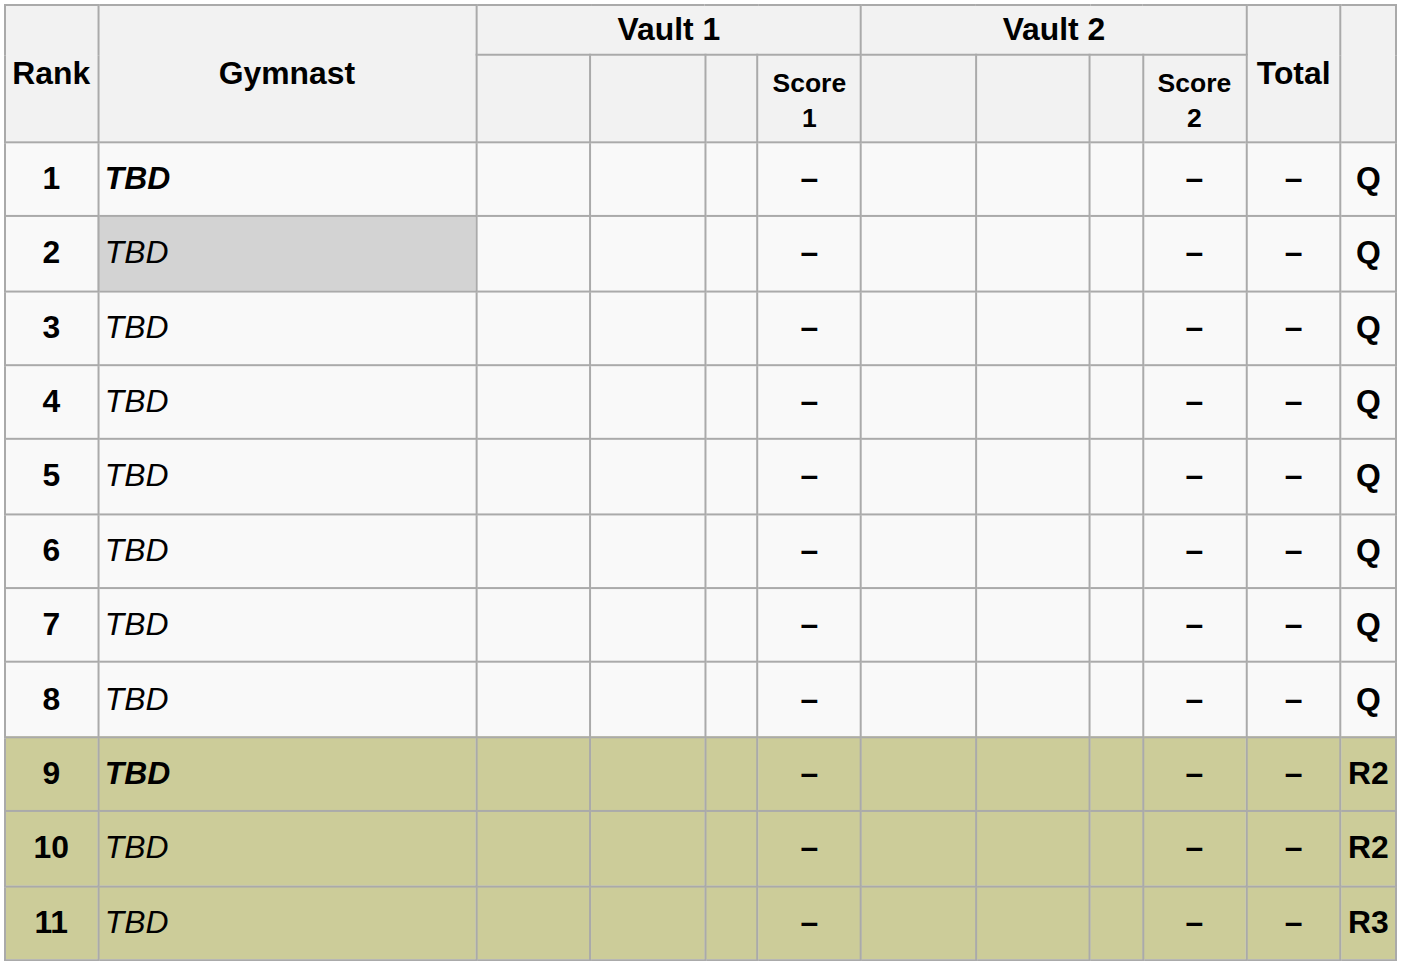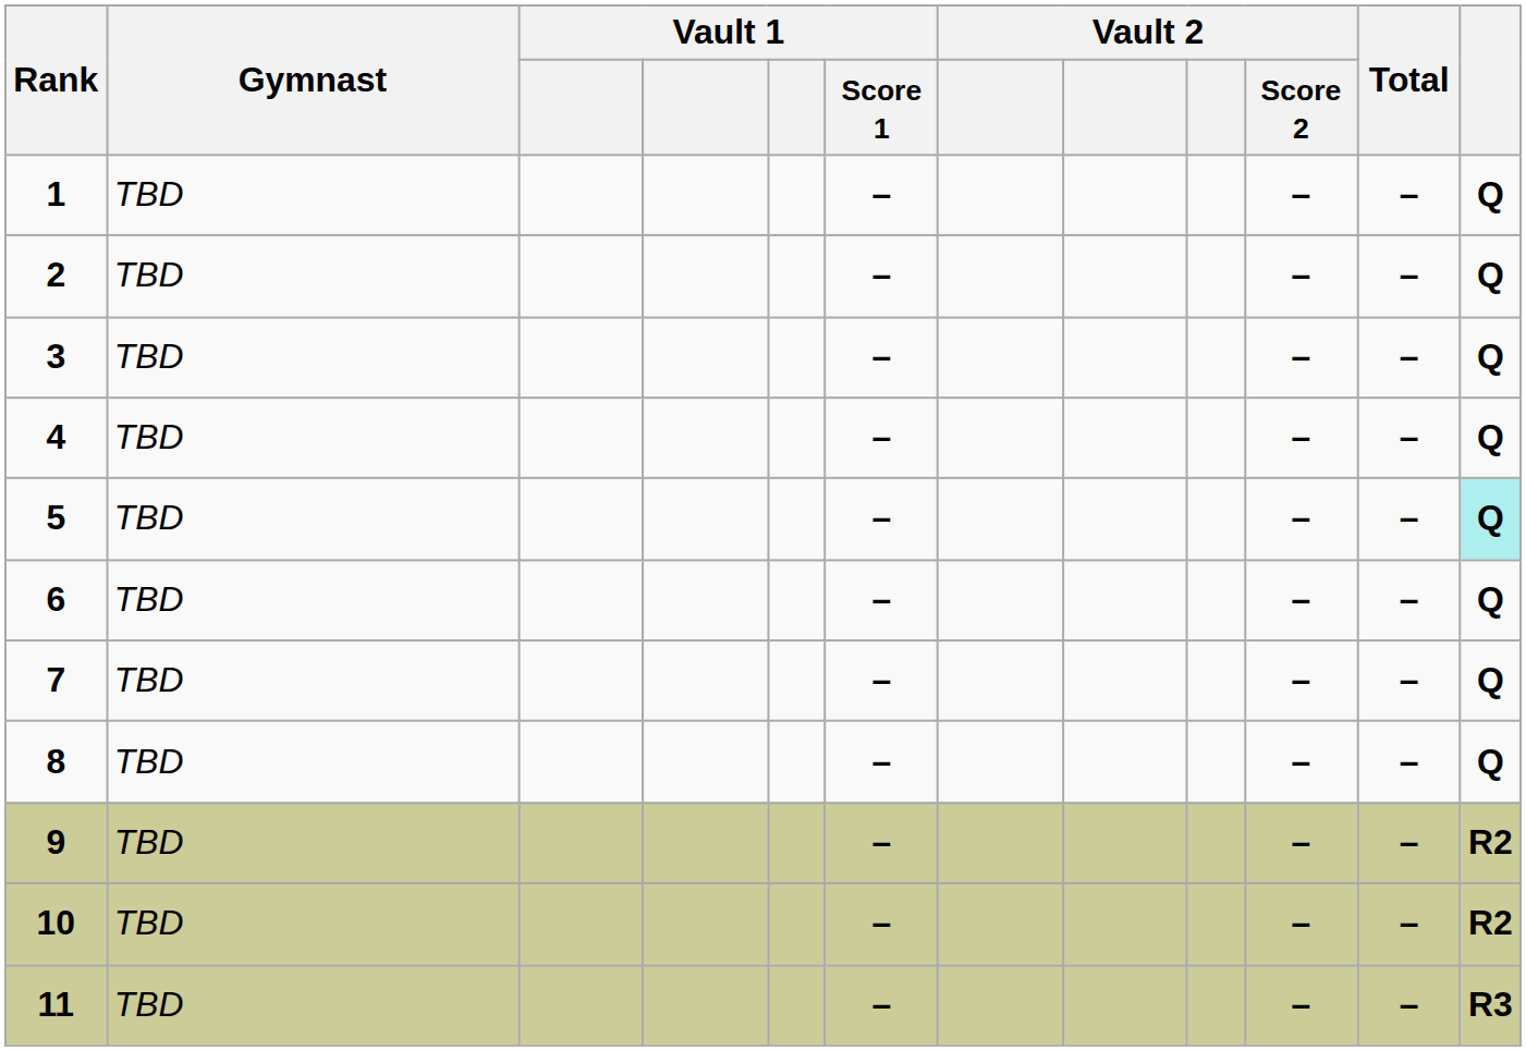 <table class="wikitable sortable" style="text-align:center;">
 <tr>
 <th rowspan="2" style="width:15px;">Rank</th>
 <th rowspan="2" style="width:183px;">Gymnast</th>
 <th colspan="4">Vault 1</th>
 <th colspan="4">Vault 2</th>
 <th rowspan="2" style="width:40px;">Total</th>
 <th rowspan="2" style="width:19px;"><small></small></th>
 </tr>
 <tr>
 <th style="width:50px;"><small></small></th>
 <th style="width:50px;"><small></small></th>
 <th style="width:19px;"><small></small></th>
 <th style="width:45px;"><small>Score 1</small></th>
 <th style="width:50px;"><small></small></th>
 <th style="width:50px;"><small></small></th>
 <th style="width:19px;"><small></small></th>
 <th style="width:45px;"><small>Score 2</small></th>
 </tr>
 <tr>
 <td scope="row" style="text-align:center"><strong>1</strong></td>
-<td style="height:30px; text-align:left;"><strong><em>TBD</em></strong></td>
+<td style="height:30px; text-align:left;"><em>TBD</em></td>
 <td></td>
 <td></td>
 <td></td>
 <td><strong>–</strong></td>
 <td></td>
 <td></td>
 <td></td>
 <td><strong>–</strong></td>
 <td><strong>–</strong></td>
 <td><strong>Q</strong></td>
 </tr>
 <tr>
 <td scope="row" style="text-align:center"><strong>2</strong></td>
-<td style="background: lightgrey; height:30px; text-align:left;"><em>TBD</em></td>
+<td style="height:30px; text-align:left;"><em>TBD</em></td>
 <td></td>
 <td></td>
 <td></td>
 <td><strong>–</strong></td>
 <td></td>
 <td></td>
 <td></td>
 <td><strong>–</strong></td>
 <td><strong>–</strong></td>
 <td><strong>Q</strong></td>
 </tr>
 <tr>
 <td scope="row" style="text-align:center"><strong>3</strong></td>
 <td style="height:30px; text-align:left;"><em>TBD</em></td>
 <td></td>
 <td></td>
 <td></td>
 <td><strong>–</strong></td>
 <td></td>
 <td></td>
 <td></td>
 <td><strong>–</strong></td>
 <td><strong>–</strong></td>
 <td><strong>Q</strong></td>
 </tr>
 <tr>
 <td scope="row" style="text-align:center"><strong>4</strong></td>
 <td style="height:30px; text-align:left;"><em>TBD</em></td>
 <td></td>
 <td></td>
 <td></td>
 <td><strong>–</strong></td>
 <td></td>
 <td></td>
 <td></td>
 <td><strong>–</strong></td>
 <td><strong>–</strong></td>
 <td><strong>Q</strong></td>
 </tr>
 <tr>
 <td scope="row" style="text-align:center"><strong>5</strong></td>
 <td style="height:30px; text-align:left;"><em>TBD</em></td>
 <td></td>
 <td></td>
 <td></td>
 <td><strong>–</strong></td>
 <td></td>
 <td></td>
 <td></td>
 <td><strong>–</strong></td>
 <td><strong>–</strong></td>
-<td><strong>Q</strong></td>
+<td style="background: paleturquoise;"><strong>Q</strong></td>
 </tr>
 <tr>
 <td scope="row" style="text-align:center"><strong>6</strong></td>
 <td style="height:30px; text-align:left;"><em>TBD</em></td>
 <td></td>
 <td></td>
 <td></td>
 <td><strong>–</strong></td>
 <td></td>
 <td></td>
 <td></td>
 <td><strong>–</strong></td>
 <td><strong>–</strong></td>
 <td><strong>Q</strong></td>
 </tr>
 <tr>
 <td scope="row" style="text-align:center"><strong>7</strong></td>
 <td style="height:30px; text-align:left;"><em>TBD</em></td>
 <td></td>
 <td></td>
 <td></td>
 <td><strong>–</strong></td>
 <td></td>
 <td></td>
 <td></td>
 <td><strong>–</strong></td>
 <td><strong>–</strong></td>
 <td><strong>Q</strong></td>
 </tr>
 <tr>
 <td scope="row" style="text-align:center"><strong>8</strong></td>
 <td style="height:30px; text-align:left;"><em>TBD</em></td>
 <td></td>
 <td></td>
 <td></td>
 <td><strong>–</strong></td>
 <td></td>
 <td></td>
 <td></td>
 <td><strong>–</strong></td>
 <td><strong>–</strong></td>
 <td><strong>Q</strong></td>
 </tr>
 <tr style="background:#cccc99;">
 <td scope="row" style="text-align:center"><strong>9</strong></td>
-<td style="height:30px; text-align:left;"><strong><em>TBD</em></strong></td>
+<td style="height:30px; text-align:left;"><em>TBD</em></td>
 <td></td>
 <td></td>
 <td></td>
 <td><strong>–</strong></td>
 <td></td>
 <td></td>
 <td></td>
 <td><strong>–</strong></td>
 <td><strong>–</strong></td>
 <td><strong>R2</strong></td>
 </tr>
 <tr style="background:#cccc99;">
 <td scope="row" style="text-align:center"><strong>10</strong></td>
 <td style="height:30px; text-align:left;"><em>TBD</em></td>
 <td></td>
 <td></td>
 <td></td>
 <td><strong>–</strong></td>
 <td></td>
 <td></td>
 <td></td>
 <td><strong>–</strong></td>
 <td><strong>–</strong></td>
 <td><strong>R2</strong></td>
 </tr>
 <tr style="background:#cccc99;">
 <td scope="row" style="text-align:center"><strong>11</strong></td>
 <td style="height:30px; text-align:left;"><em>TBD</em></td>
 <td></td>
 <td></td>
 <td></td>
 <td><strong>–</strong></td>
 <td></td>
 <td></td>
 <td></td>
 <td><strong>–</strong></td>
 <td><strong>–</strong></td>
 <td><strong>R3</strong></td>
 </tr>
 </table>
